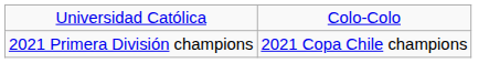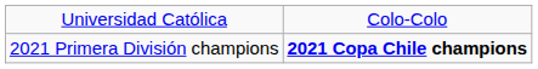 <table class="wikitable" style="text-align:center">
 <tr>
 <td><a href='#'>Universidad Católica</a></td>
 <td><a href='#'>Colo-Colo</a></td>
 </tr>
 <tr>
 <td><a href='#'>2021 Primera División</a> champions</td>
-<td><a href='#'>2021 Copa Chile</a> champions</td>
+<td><strong><a href='#'>2021 Copa Chile</a> champions</strong></td>
 </tr>
 </table>
